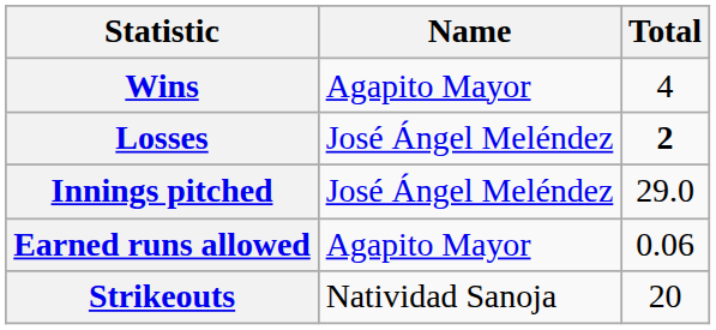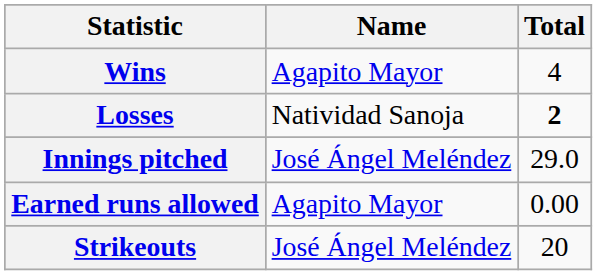 <table class="wikitable plainrowheaders">
 <tr>
 <th scope="col">Statistic</th>
 <th scope="col">Name</th>
 <th scope="col">Total</th>
 </tr>
 <tr>
 <th scope="row"><a href='#'>Wins</a></th>
 <td> <a href='#'>Agapito Mayor</a></td>
 <td align=center>4</td>
 </tr>
 <tr>
 <th scope="row"><a href='#'>Losses</a></th>
-<td> <a href='#'>José Ángel Meléndez</a></td>
+<td> Natividad Sanoja</td>
 <td align=center><strong>2</strong></td>
 </tr>
 <tr>
 <th scope="row"><a href='#'>Innings pitched</a></th>
 <td> <a href='#'>José Ángel Meléndez</a></td>
 <td align=center>29.0</td>
 </tr>
 <tr>
 <th scope="row"><a href='#'>Earned runs allowed</a></th>
 <td> <a href='#'>Agapito Mayor</a></td>
-<td align=center>0.06</td>
+<td align=center>0.00</td>
 </tr>
 <tr>
 <th scope="row" rowspan=2><a href='#'>Strikeouts</a></th>
-<td> Natividad Sanoja</td>
+<td> <a href='#'>José Ángel Meléndez</a></td>
 <td align=center rowspan=2>20</td>
 </tr>
 </table>
